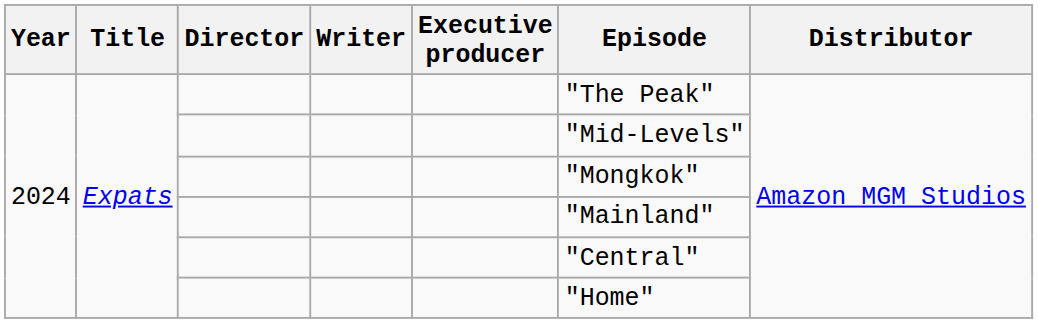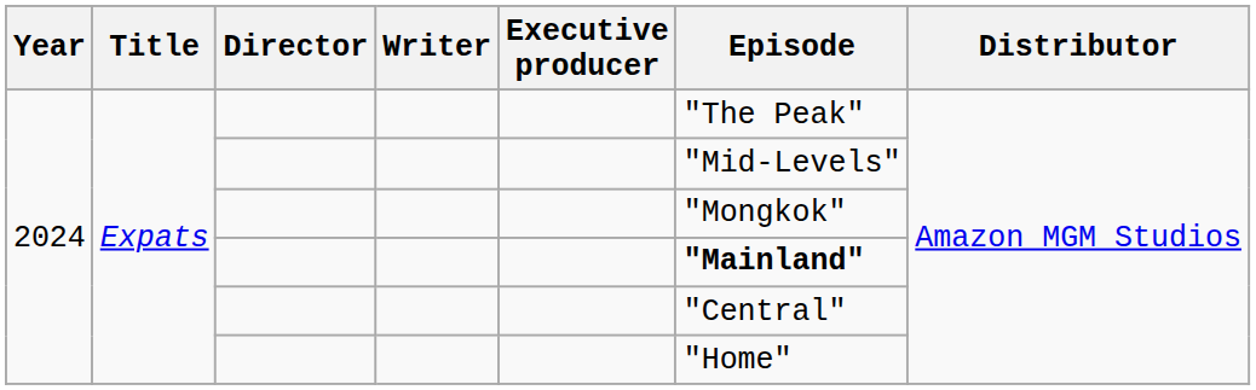 <table class="wikitable">
 <tr>
 <th>Year</th>
 <th>Title</th>
 <th>Director</th>
 <th>Writer</th>
 <th>Executive<br>producer</th>
 <th>Episode</th>
 <th>Distributor</th>
 </tr>
 <tr>
 <td rowspan="6">2024</td>
 <td rowspan="6"><em><a href='#'>Expats</a></em></td>
 <td></td>
 <td></td>
 <td></td>
 <td>"The Peak"</td>
 <td rowspan="6"><a href='#'>Amazon MGM Studios</a></td>
 </tr>
 <tr>
 <td></td>
 <td></td>
 <td></td>
 <td>"Mid-Levels"</td>
 </tr>
 <tr>
 <td></td>
 <td></td>
 <td></td>
 <td>"Mongkok"</td>
 </tr>
 <tr>
 <td></td>
 <td></td>
 <td></td>
-<td>"Mainland"</td>
+<td><strong>"Mainland"</strong></td>
 </tr>
 <tr>
 <td></td>
 <td></td>
 <td></td>
 <td>"Central"</td>
 </tr>
 <tr>
 <td></td>
 <td></td>
 <td></td>
 <td>"Home"</td>
 </tr>
 </table>
